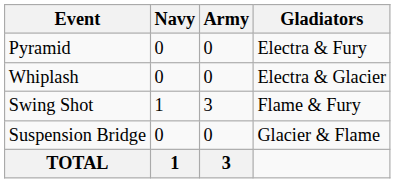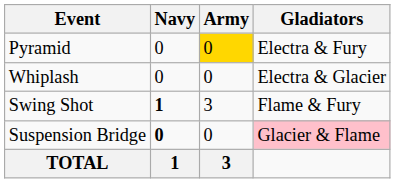 <table class="wikitable">
 <tr>
 <th>Event</th>
 <th>Navy</th>
 <th>Army</th>
 <th>Gladiators</th>
 </tr>
 <tr>
 <td>Pyramid</td>
 <td>0</td>
-<td>0</td>
+<td style="background: gold;">0</td>
 <td>Electra & Fury</td>
 </tr>
 <tr>
 <td>Whiplash</td>
 <td>0</td>
 <td>0</td>
 <td>Electra & Glacier</td>
 </tr>
 <tr>
 <td>Swing Shot</td>
-<td>1</td>
+<td><strong>1</strong></td>
 <td>3</td>
 <td>Flame & Fury</td>
 </tr>
 <tr>
 <td>Suspension Bridge</td>
+<td><strong>0</strong></td>
 <td>0</td>
-<td>0</td>
-<td>Glacier & Flame</td>
+<td style="background: pink;">Glacier & Flame</td>
 </tr>
 <tr>
 <th>TOTAL</th>
 <th>1</th>
 <th>3</th>
 </tr>
 </table>
